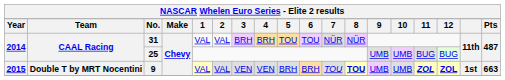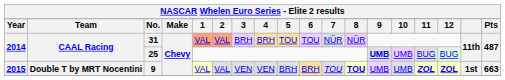 <table class="wikitable" style="text-align:center; font-size:75%">
 <tr>
 <th colspan=21><a href='#'>NASCAR</a> <a href='#'>Whelen Euro Series</a> - Elite 2 results</th>
 </tr>
 <tr>
 </tr>
 <tr>
 <th>Year</th>
 <th>Team</th>
 <th>No.</th>
 <th>Make</th>
 <th>1</th>
 <th>2</th>
 <th>3</th>
 <th>4</th>
 <th>5</th>
 <th>6</th>
 <th>7</th>
 <th>8</th>
 <th>9</th>
 <th>10</th>
 <th>11</th>
 <th>12</th>
 <th></th>
 <th>Pts</th>
 </tr>
 <tr>
 <th rowspan=2><a href='#'>2014</a></th>
 <th rowspan=2><a href='#'>CAAL Racing</a></th>
 <th>31</th>
 <th rowspan=3><a href='#'>Chevy</a></th>
-<td><a href='#'>VAL</a><br></td>
-<td><a href='#'>VAL</a><br></td>
+<td style="background: lightsalmon;"><a href='#'>VAL</a><br></td>
+<td style="background: lightsalmon;"><a href='#'>VAL</a><br></td>
 <td style="background-color:#EFCFFF"><a href='#'>BRH</a><br></td>
 <td style="background-color:#FFDF9F"><a href='#'>BRH</a><br></td>
 <td style="background-color:#FFDF9F"><a href='#'>TOU</a><br></td>
 <td style="background-color:#EFCFFF"><a href='#'>TOU</a><br></td>
 <td style="background-color:#DFDFDF"><a href='#'>NÜR</a><br></td>
 <td style="background-color:#EFCFFF"><a href='#'>NÜR</a><br></td>
 <td colspan=4></td>
 <th rowspan=2>11th</th>
 <th rowspan=2>487</th>
 </tr>
 <tr>
 <th>25</th>
 <td colspan=8></td>
-<td style="background-color:#DFDFDF"><a href='#'>UMB</a><br></td>
+<td style="background-color:#DFDFDF"><strong><a href='#'>UMB</a><br></strong></td>
 <td style="background-color:#EFCFFF"><a href='#'>UMB</a><br></td>
 <td style="background-color:#DFDFDF"><a href='#'>BUG</a><br></td>
 <td style="background-color:#DFFFDF"><a href='#'>BUG</a><br></td>
 </tr>
 <tr>
 <th><a href='#'>2015</a></th>
 <th>Double T by MRT Nocentini</th>
 <th>9</th>
 <td style="background-color:#FFFFBF"><a href='#'>VAL</a><br></td>
 <td style="background-color:#DFDFDF"><a href='#'>VAL</a><br></td>
 <td style="background-color:#DFDFDF"><a href='#'>VEN</a><br></td>
 <td style="background-color:#DFDFDF"><a href='#'>VEN</a><br></td>
 <td style="background-color:#DFDFDF"><a href='#'>BRH</a><br></td>
 <td style="background-color:#FFDF9F"><a href='#'>BRH</a><br></td>
 <td style="background-color:#DFDFDF"><em><a href='#'>TOU</a></em><br></td>
 <td style="background-color:#FFFFBF"><strong><a href='#'>TOU</a></strong><br></td>
 <td style="background-color:#EFCFFF"><a href='#'>UMB</a><br></td>
 <td style="background-color:#DFDFDF"><a href='#'>UMB</a><br></td>
 <td style="background-color:#FFFFBF"><strong><em><a href='#'>ZOL</a></em></strong><br></td>
 <td style="background-color:#FFFFBF"><strong><a href='#'>ZOL</a></strong><br></td>
 <th>1st</th>
 <th>663</th>
 </tr>
 <tr>
 </tr>
 </table>
